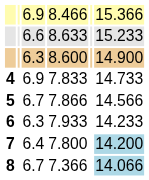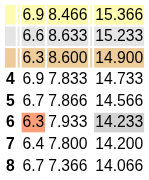 <table>
 <tr style="background: #fffcaf">
 <th scope=row style="text-align:center"></th>
 <td align=left></td>
 <td>6.9</td>
 <td>8.466</td>
 <td></td>
 <td>15.366</td>
 </tr>
 <tr style="background: #e5e5e5">
 <th scope=row style="text-align:center"></th>
 <td align=left></td>
 <td>6.6</td>
 <td>8.633</td>
 <td></td>
 <td>15.233</td>
 </tr>
 <tr style="background: #eecc99">
 <th scope=row style="text-align:center"></th>
 <td align=left></td>
 <td>6.3</td>
 <td>8.600</td>
 <td></td>
 <td>14.900</td>
 </tr>
 <tr>
 <th scope=row style="text-align:center">4</th>
 <td align=left></td>
 <td>6.9</td>
 <td>7.833</td>
 <td></td>
 <td>14.733</td>
 </tr>
 <tr>
 <th scope=row style="text-align:center">5</th>
 <td align=left></td>
 <td>6.7</td>
 <td>7.866</td>
 <td></td>
 <td>14.566</td>
 </tr>
 <tr>
 <th scope=row style="text-align:center">6</th>
 <td align=left></td>
-<td>6.3</td>
+<td style="background: lightsalmon;">6.3</td>
 <td>7.933</td>
 <td></td>
-<td>14.233</td>
+<td style="background: lightgrey;">14.233</td>
 </tr>
 <tr>
 <th scope=row style="text-align:center">7</th>
 <td align=left></td>
 <td>6.4</td>
 <td>7.800</td>
 <td></td>
-<td style="background: lightblue;">14.200</td>
+<td>14.200</td>
 </tr>
 <tr>
 <th scope=row style="text-align:center">8</th>
 <td align=left></td>
 <td>6.7</td>
 <td>7.366</td>
 <td></td>
-<td style="background: lightblue;">14.066</td>
+<td>14.066</td>
 </tr>
 </table>
